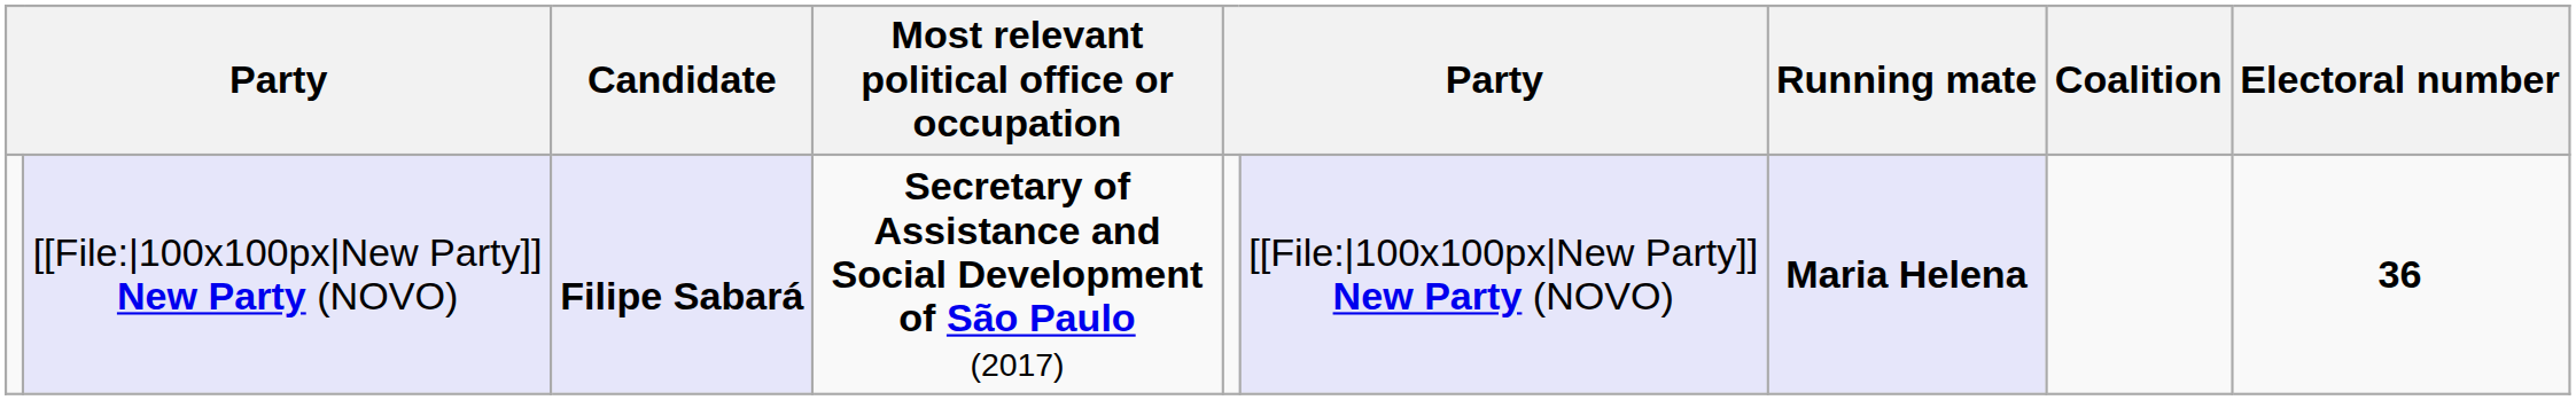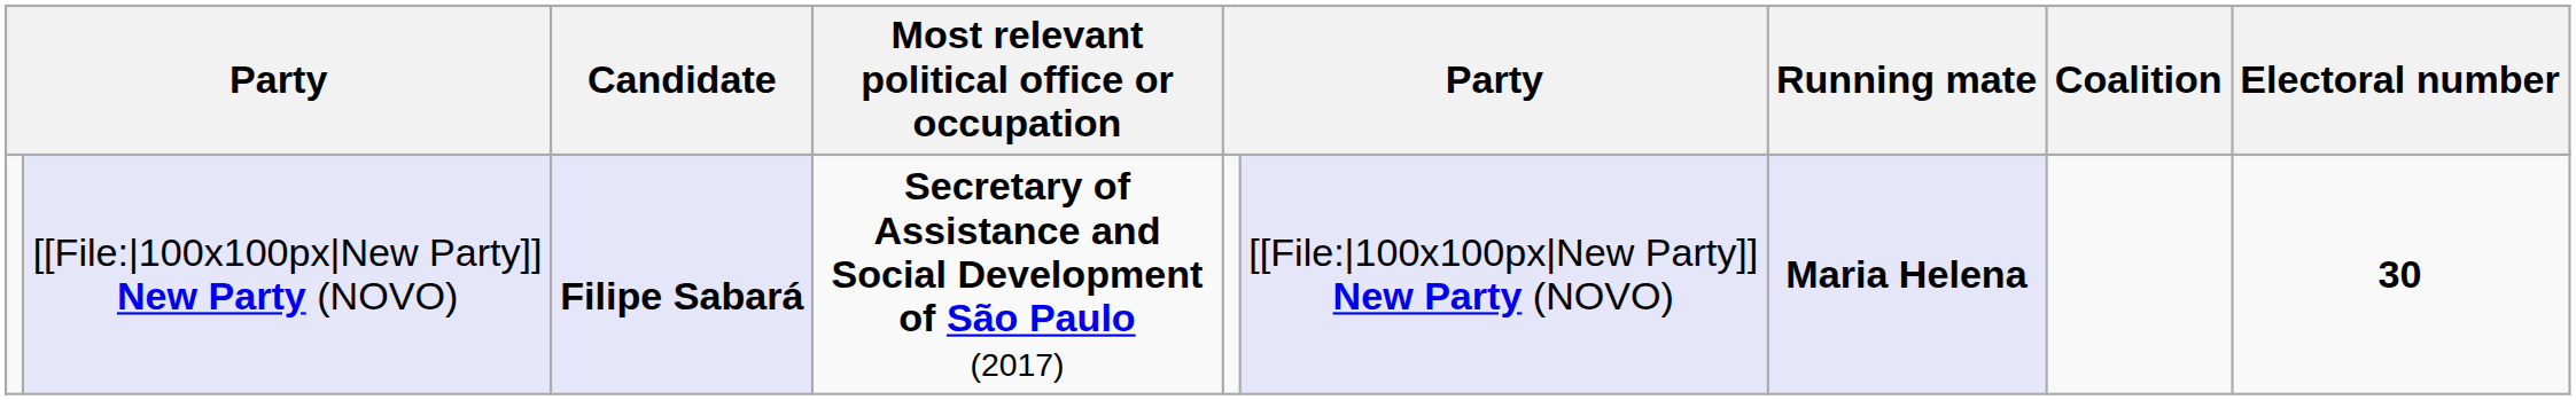 <table class="wikitable" style="text-align:center">
 <tr>
 <th colspan="2">Party</th>
 <th>Candidate</th>
 <th style="max-width:10em">Most relevant political office or occupation</th>
 <th colspan="2">Party</th>
 <th>Running mate</th>
 <th>Coalition</th>
 <th>Electoral number</th>
 </tr>
 <tr>
 <td style="background:"></td>
 <td style="background:lavender;" max-width:150px>[[File:|100x100px|New Party]]<br><strong><a href='#'>New Party</a></strong> (NOVO)</td>
 <td style="background:lavender;" max-width:150px><br><strong>Filipe Sabará</strong></td>
 <td style="max-width:10em"><strong>Secretary of Assistance and Social Development of <a href='#'>São Paulo</a></strong><br><small>(2017)</small></td>
 <td style="background:"></td>
 <td style="background:lavender;" max-width:150px>[[File:|100x100px|New Party]]<br><strong><a href='#'>New Party</a></strong> (NOVO)</td>
 <td style="background:lavender;" max-width:150px><strong>Maria Helena</strong></td>
 <td></td>
-<td><strong>36</strong></td>
+<td><strong>30</strong></td>
 </tr>
 </table>
